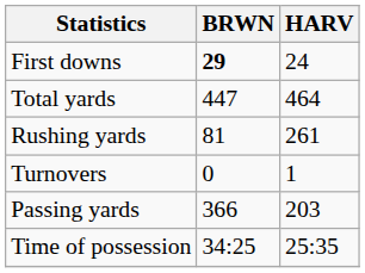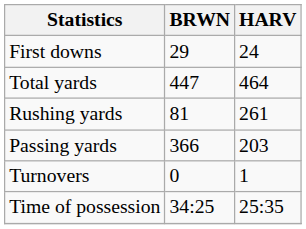 <table class="wikitable">
 <tr>
 <th>Statistics</th>
 <th>BRWN</th>
 <th>HARV</th>
 </tr>
 <tr>
 <td>First downs</td>
-<td><strong>29</strong></td>
+<td>29</td>
 <td>24</td>
 </tr>
 <tr>
 <td>Total yards</td>
 <td>447</td>
 <td>464</td>
 </tr>
 <tr>
 <td>Rushing yards</td>
 <td>81</td>
 <td>261</td>
 </tr>
 <tr>
+<td>Passing yards</td>
+<td>366</td>
+<td>203</td>
+</tr>
+<tr>
 <td>Turnovers</td>
 <td>0</td>
 <td>1</td>
-</tr>
-<tr>
-<td>Passing yards</td>
-<td>366</td>
-<td>203</td>
 </tr>
 <tr>
 <td>Time of possession</td>
 <td>34:25</td>
 <td>25:35</td>
 </tr>
 <tr>
 </tr>
 </table>
